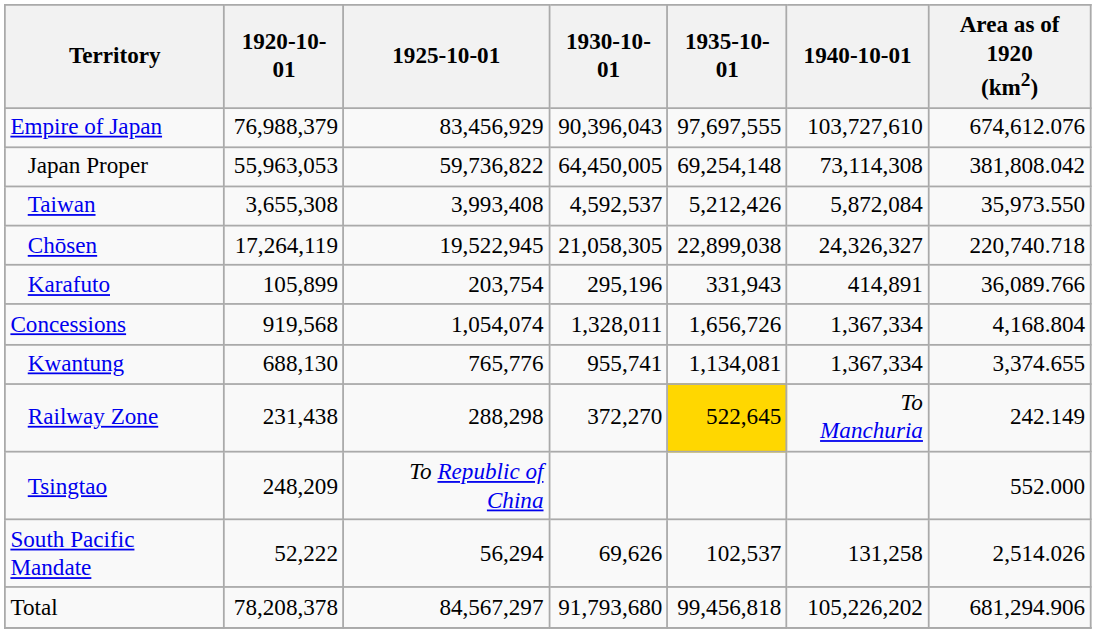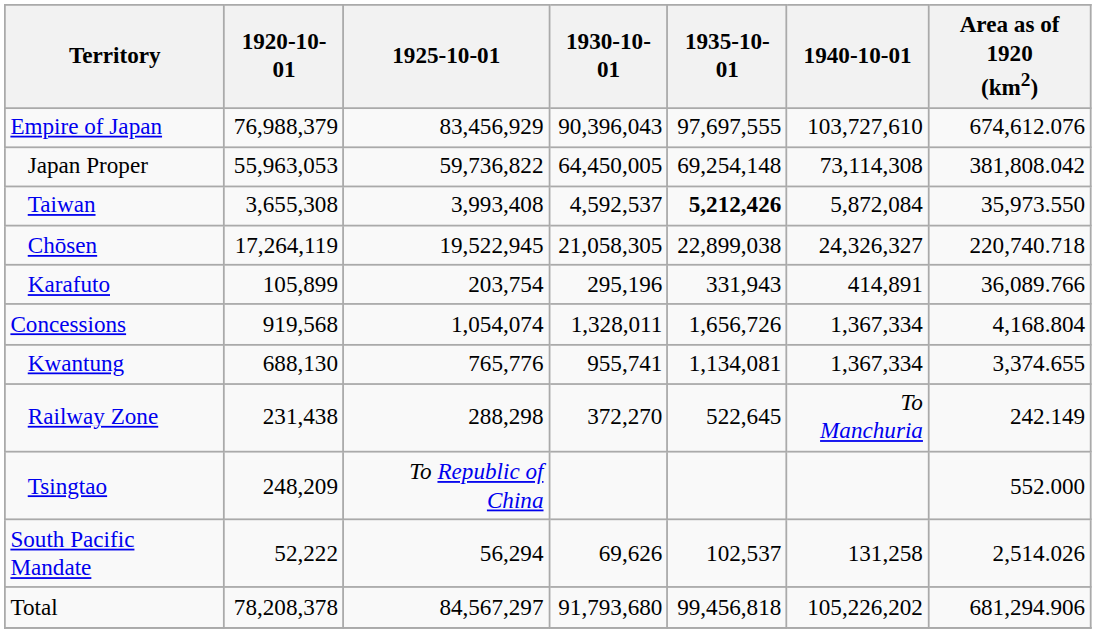 <table class="wikitable sortable" style="text-align:right;font-size:small">
 <tr>
 <th>Territory</th>
 <th>1920-10-01</th>
 <th>1925-10-01</th>
 <th>1930-10-01</th>
 <th>1935-10-01</th>
 <th>1940-10-01</th>
 <th>Area as of 1920<br>(km<sup>2</sup>)</th>
 </tr>
 <tr>
 <td align=left><a href='#'>Empire of Japan</a></td>
 <td>76,988,379</td>
 <td>83,456,929</td>
 <td>90,396,043</td>
 <td>97,697,555</td>
 <td>103,727,610</td>
 <td>674,612.076</td>
 </tr>
 <tr>
 <td align=left>   Japan Proper</td>
 <td>55,963,053</td>
 <td>59,736,822</td>
 <td>64,450,005</td>
 <td>69,254,148</td>
 <td>73,114,308</td>
 <td>381,808.042</td>
 </tr>
 <tr>
 <td align=left>   <a href='#'>Taiwan</a></td>
 <td>3,655,308</td>
 <td>3,993,408</td>
 <td>4,592,537</td>
-<td>5,212,426</td>
+<td><strong>5,212,426</strong></td>
 <td>5,872,084</td>
 <td>35,973.550</td>
 </tr>
 <tr>
 <td align=left>   <a href='#'>Chōsen</a></td>
 <td>17,264,119</td>
 <td>19,522,945</td>
 <td>21,058,305</td>
 <td>22,899,038</td>
 <td>24,326,327</td>
 <td>220,740.718</td>
 </tr>
 <tr>
 <td align=left>   <a href='#'>Karafuto</a></td>
 <td>105,899</td>
 <td>203,754</td>
 <td>295,196</td>
 <td>331,943</td>
 <td>414,891</td>
 <td>36,089.766</td>
 </tr>
 <tr>
 <td align=left><a href='#'>Concessions</a></td>
 <td>919,568</td>
 <td>1,054,074</td>
 <td>1,328,011</td>
 <td>1,656,726</td>
 <td>1,367,334</td>
 <td>4,168.804</td>
 </tr>
 <tr>
 <td align=left>   <a href='#'>Kwantung</a></td>
 <td>688,130</td>
 <td>765,776</td>
 <td>955,741</td>
 <td>1,134,081</td>
 <td>1,367,334</td>
 <td>3,374.655</td>
 </tr>
 <tr>
 <td align=left>   <a href='#'>Railway Zone</a></td>
 <td>231,438</td>
 <td>288,298</td>
 <td>372,270</td>
-<td style="background: gold;">522,645</td>
+<td>522,645</td>
 <td><em>To <a href='#'>Manchuria</a></em></td>
 <td>242.149</td>
 </tr>
 <tr>
 <td align=left>   <a href='#'>Tsingtao</a></td>
 <td>248,209</td>
 <td><em>To <a href='#'>Republic of China</a></em></td>
 <td></td>
 <td></td>
 <td></td>
 <td>552.000</td>
 </tr>
 <tr>
 <td align=left><a href='#'>South Pacific Mandate</a></td>
 <td>52,222</td>
 <td>56,294</td>
 <td>69,626</td>
 <td>102,537</td>
 <td>131,258</td>
 <td>2,514.026</td>
 </tr>
 <tr>
 <td align=left>Total</td>
 <td>78,208,378</td>
 <td>84,567,297</td>
 <td>91,793,680</td>
 <td>99,456,818</td>
 <td>105,226,202</td>
 <td>681,294.906</td>
 </tr>
 <tr>
 </tr>
 </table>
